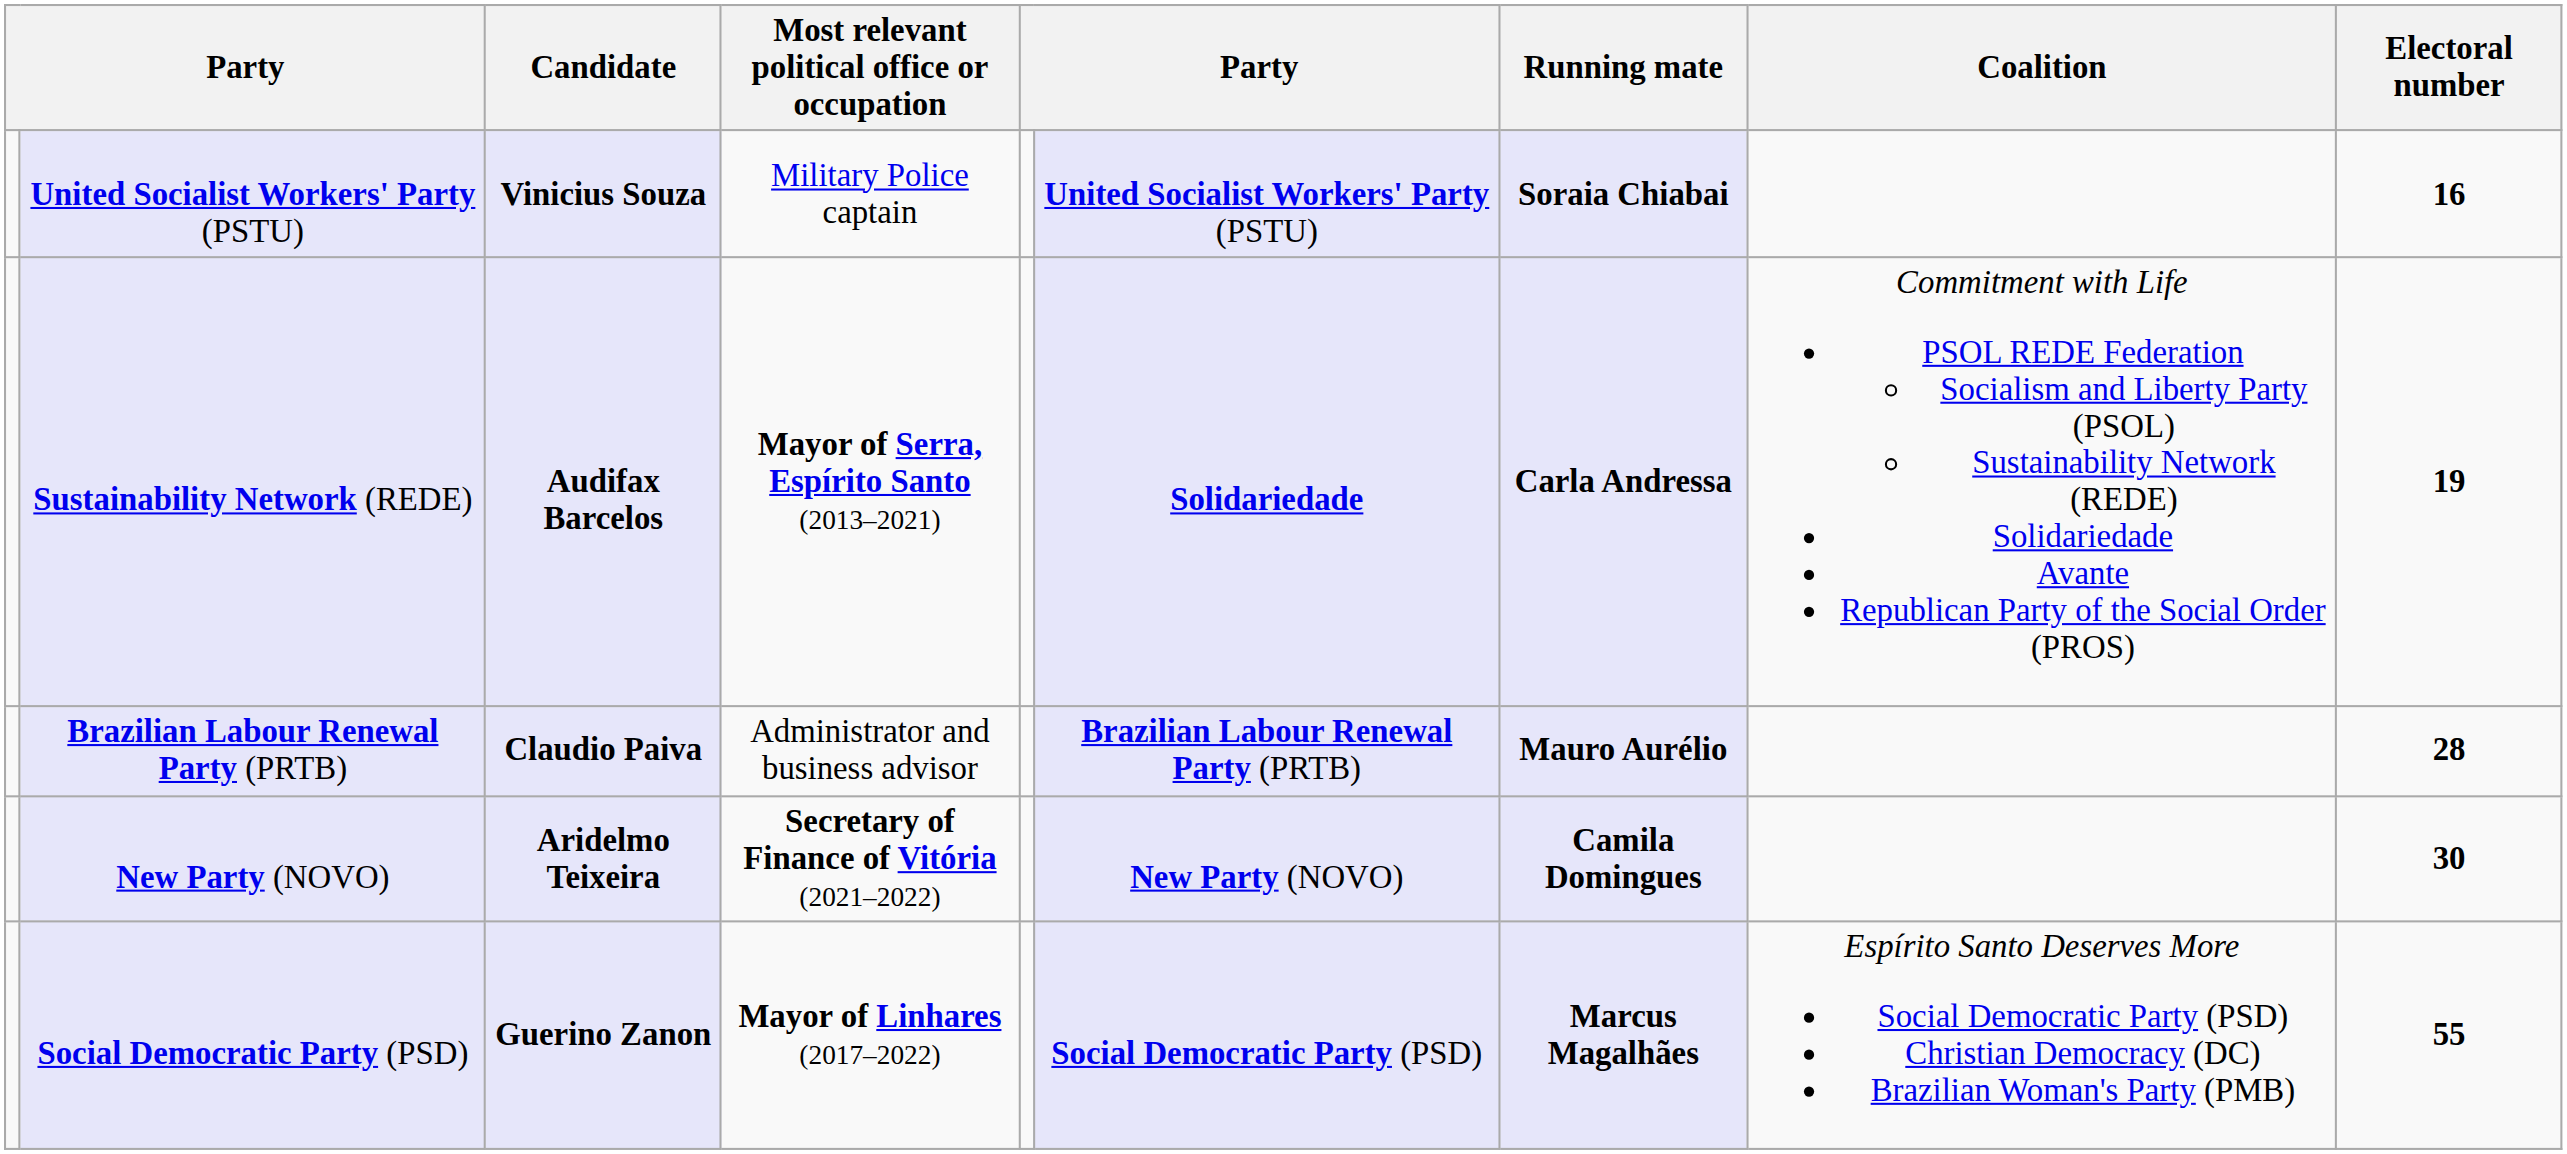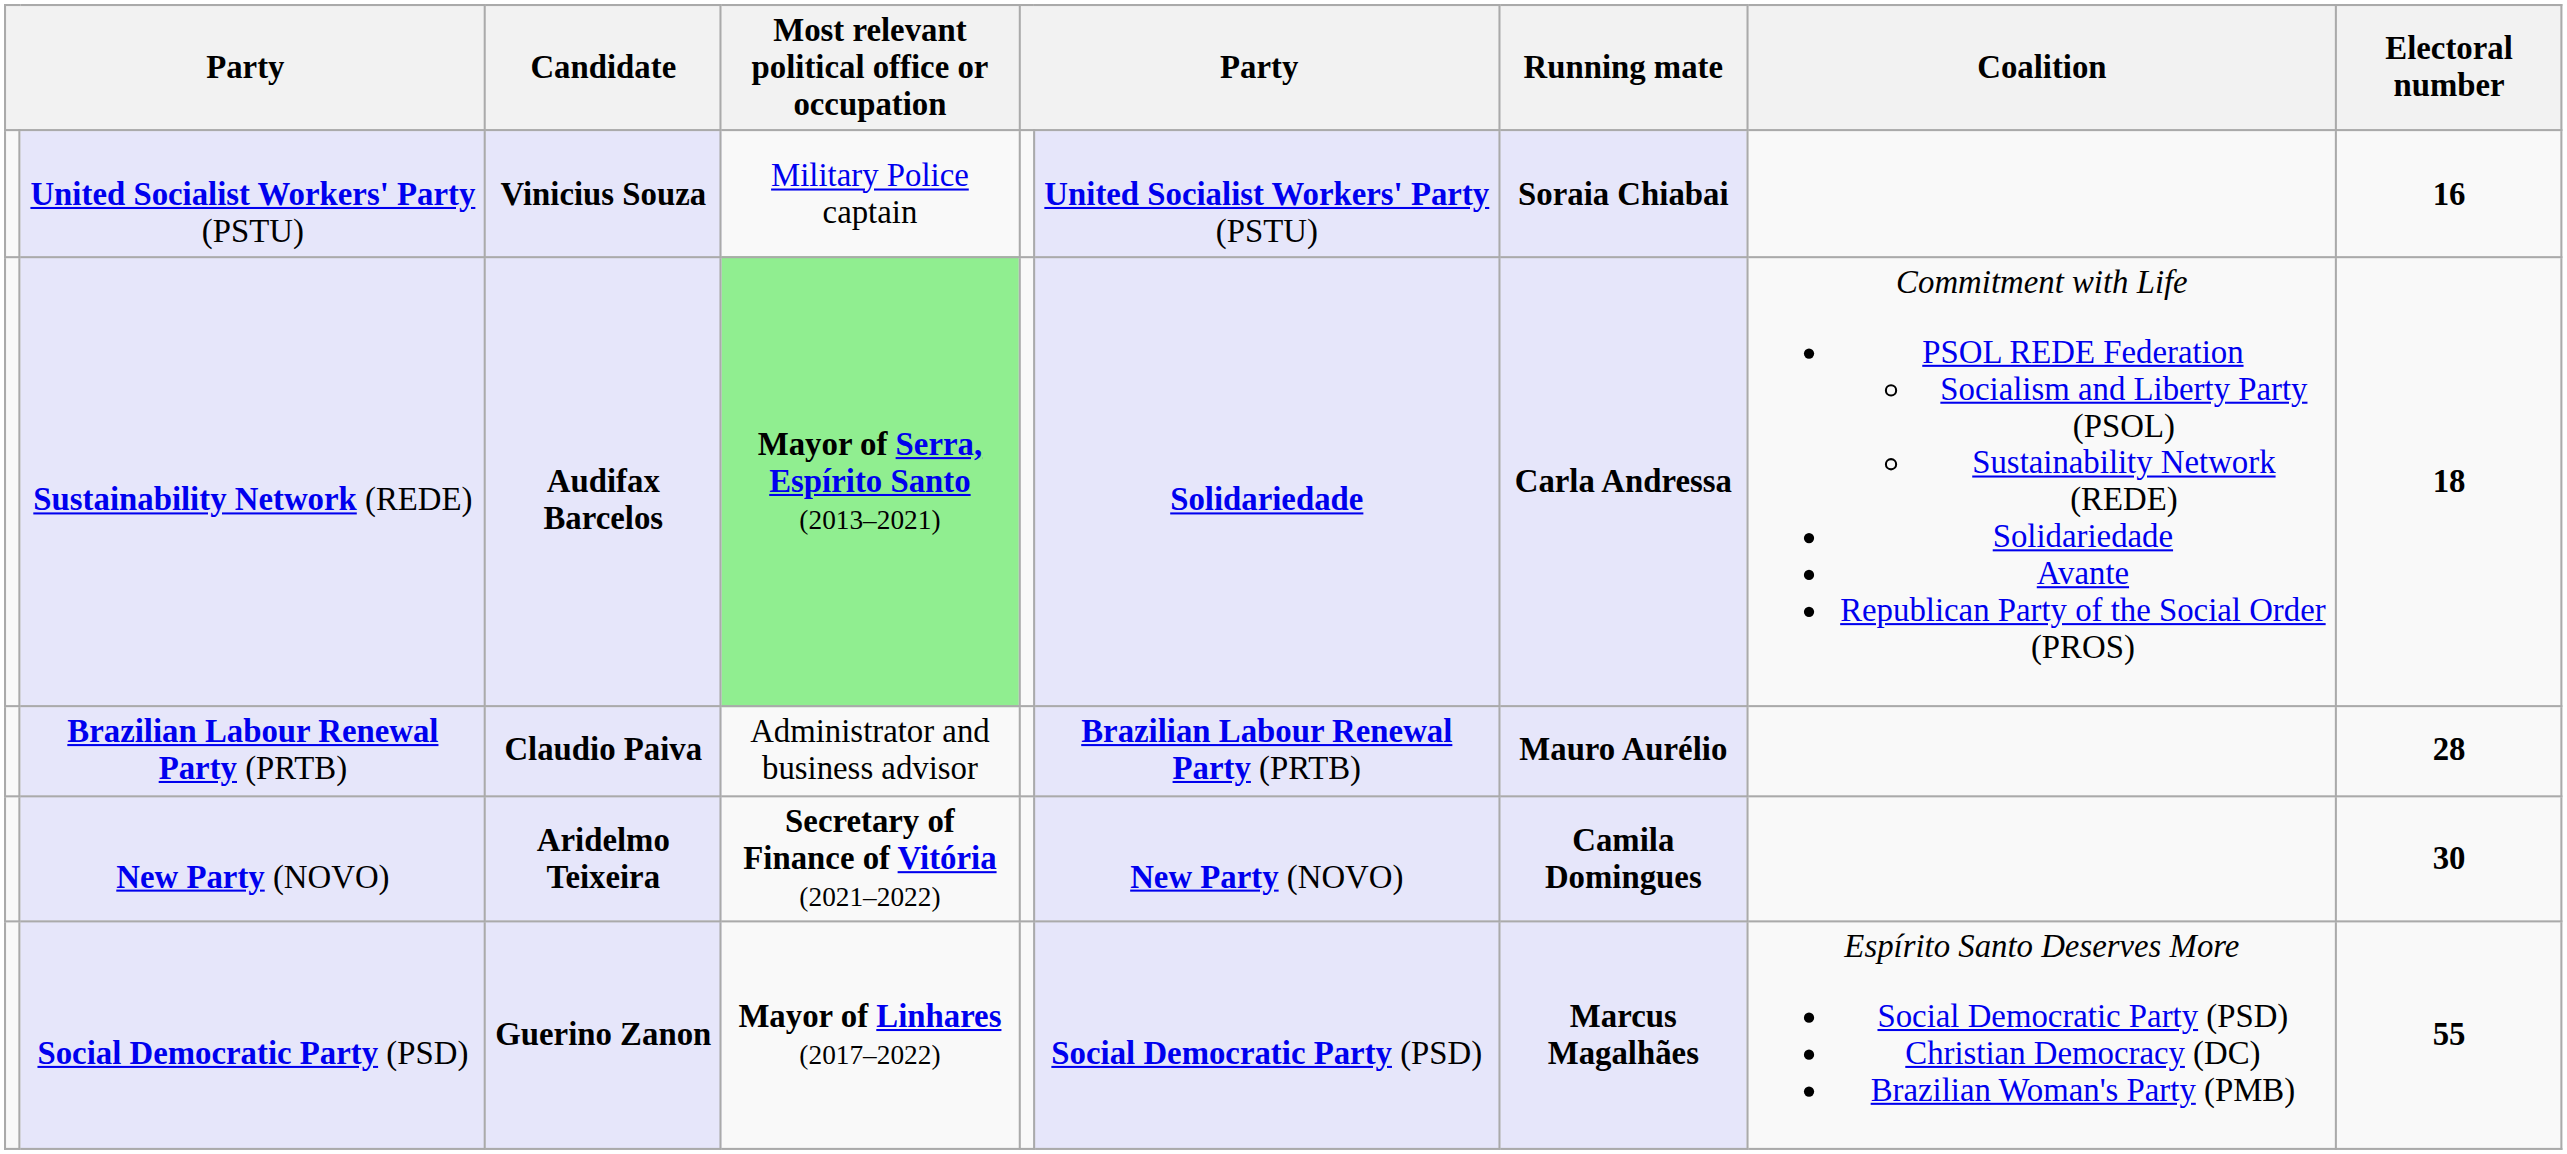 <table class="wikitable" style="text-align:center">
 <tr>
 <th colspan="2">Party</th>
 <th>Candidate</th>
 <th style="max-width:10em">Most relevant political office or occupation</th>
 <th colspan="2">Party</th>
 <th>Running mate</th>
 <th>Coalition</th>
 <th>Electoral number</th>
 </tr>
 <tr>
 <td style="background:"></td>
 <td style="background:lavender;" max-width:150px><br><strong><a href='#'>United Socialist Workers' Party</a></strong> (PSTU)</td>
 <td style="background:lavender;" max-width:150px><strong>Vinicius Souza</strong></td>
 <td style="max-width:10em"><a href='#'>Military Police</a> captain</td>
 <td style="background:"></td>
 <td style="background:lavender;" max-width:150px><br><strong><a href='#'>United Socialist Workers' Party</a></strong> (PSTU)</td>
 <td style="background:lavender;" max-width:150px><strong>Soraia Chiabai</strong></td>
 <td></td>
 <td><strong>16</strong></td>
 </tr>
 <tr>
 <td style="background:"></td>
 <td style="background:lavender;" max-width:150px><br><strong><a href='#'>Sustainability Network</a></strong> (REDE)</td>
 <td style="background:lavender;" max-width:150px><br><strong>Audifax Barcelos</strong></td>
-<td style="max-width:10em"><strong>Mayor of <a href='#'>Serra, Espírito Santo</a></strong><br><small>(2013–2021)</small></td>
+<td style="background: lightgreen; max-width:10em"><strong>Mayor of <a href='#'>Serra, Espírito Santo</a></strong><br><small>(2013–2021)</small></td>
 <td style="background:"></td>
 <td style="background:lavender;" max-width:150px><br><strong><a href='#'>Solidariedade</a></strong></td>
 <td style="background:lavender;" max-width:150px><strong>Carla Andressa</strong></td>
 <td><em>Commitment with Life</em><br><ul><li><a href='#'>PSOL REDE Federation</a><ul><li><a href='#'>Socialism and Liberty Party</a> (PSOL)</li><li><a href='#'>Sustainability Network</a>  (REDE)</li></ul></li><li><a href='#'>Solidariedade</a></li><li><a href='#'>Avante</a></li><li><a href='#'>Republican Party of the Social Order</a> (PROS)</li></ul></td>
-<td><strong>19</strong></td>
+<td><strong>18</strong></td>
 </tr>
 <tr>
 <td style="background:"></td>
 <td style="background:lavender;" max-width:150px><strong><a href='#'>Brazilian Labour Renewal Party</a></strong> (PRTB)</td>
 <td style="background:lavender;" max-width:150px><strong>Claudio Paiva</strong></td>
 <td style="max-width:10em">Administrator and business advisor</td>
 <td style="background:"></td>
 <td style="background:lavender;" max-width:150px><strong><a href='#'>Brazilian Labour Renewal Party</a></strong> (PRTB)</td>
 <td style="background:lavender;" max-width:150px><strong>Mauro Aurélio</strong></td>
 <td></td>
 <td><strong>28</strong></td>
 </tr>
 <tr>
 <td style="background:"></td>
 <td style="background:lavender;" max-width:150px><br><strong><a href='#'>New Party</a></strong> (NOVO)</td>
 <td style="background:lavender;" max-width:150px><strong>Aridelmo Teixeira</strong></td>
 <td style="max-width:10em"><strong>Secretary of Finance of <a href='#'>Vitória</a></strong><br><small>(2021–2022)</small></td>
 <td style="background:"></td>
 <td style="background:lavender;" max-width:150px><br><strong><a href='#'>New Party</a></strong> (NOVO)</td>
 <td style="background:lavender;" max-width:150px><strong>Camila Domingues</strong></td>
 <td></td>
 <td><strong>30</strong></td>
 </tr>
 <tr>
 <td style="background:"></td>
 <td style="background:lavender;" max-width:150px><br><strong><a href='#'>Social Democratic Party</a></strong> (PSD)</td>
 <td style="background:lavender;" max-width:150px><strong>Guerino Zanon</strong></td>
 <td style="max-width:10em"><strong>Mayor of <a href='#'>Linhares</a></strong><br><small>(2017–2022)</small></td>
 <td style="background:"></td>
 <td style="background:lavender;" max-width:150px><br><strong><a href='#'>Social Democratic Party</a></strong> (PSD)</td>
 <td style="background:lavender;" max-width:150px><strong>Marcus Magalhães</strong></td>
 <td><em>Espírito Santo Deserves More</em><br><ul><li><a href='#'>Social Democratic Party</a> (PSD)</li><li><a href='#'>Christian Democracy</a> (DC)</li><li><a href='#'>Brazilian Woman's Party</a> (PMB)</li></ul></td>
 <td><strong>55</strong></td>
 </tr>
 </table>
